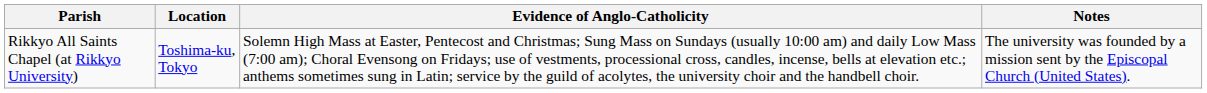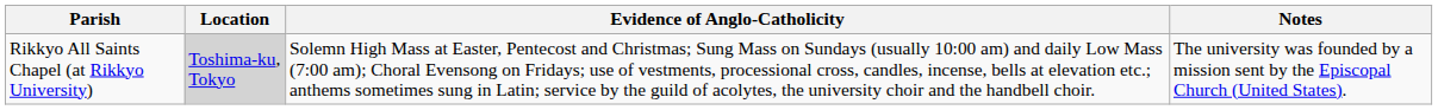 <table class="wikitable">
 <tr>
 <th>Parish</th>
 <th>Location</th>
 <th>Evidence of Anglo-Catholicity</th>
 <th>Notes</th>
 </tr>
 <tr>
 <td>Rikkyo All Saints Chapel (at <a href='#'>Rikkyo University</a>)</td>
-<td><a href='#'>Toshima-ku</a>, <a href='#'>Tokyo</a></td>
+<td style="background: lightgrey;"><a href='#'>Toshima-ku</a>, <a href='#'>Tokyo</a></td>
 <td>Solemn High Mass at Easter, Pentecost and Christmas; Sung Mass on Sundays (usually 10:00 am) and daily Low Mass (7:00 am); Choral Evensong on Fridays; use of vestments, processional cross, candles, incense, bells at elevation etc.; anthems sometimes sung in Latin; service by the guild of acolytes, the university choir and the handbell choir.</td>
 <td>The university was founded by a mission sent by the <a href='#'>Episcopal Church (United States)</a>.</td>
 </tr>
 </table>
